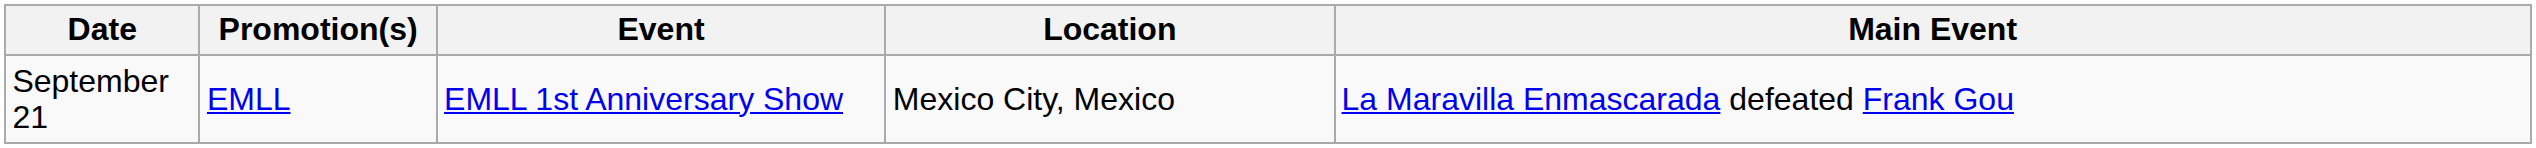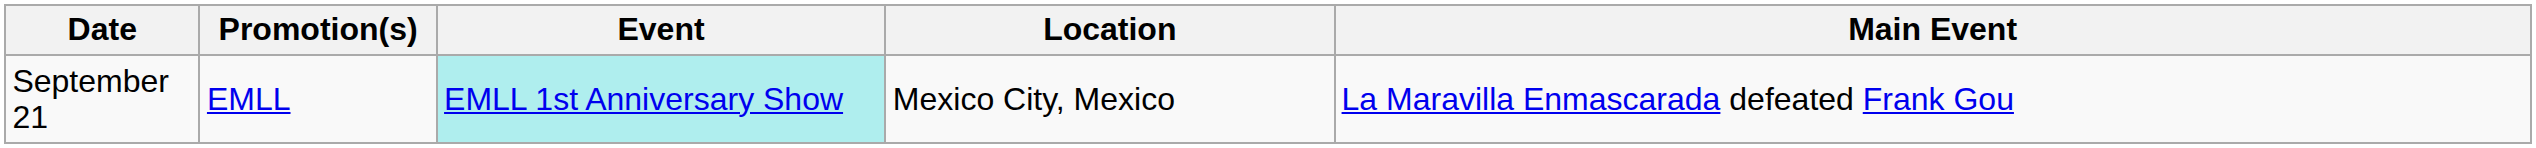 <table class="wikitable" style="width:100%;">
 <tr>
 <th width=5%>Date</th>
 <th width=5%>Promotion(s)</th>
 <th style="width:15%;">Event</th>
 <th style="width:15%;">Location</th>
 <th style="width:40%;">Main Event</th>
 </tr>
 <tr style="width:20%;"| Notes>
 </tr>
 <tr>
 <td>September 21</td>
 <td><a href='#'>EMLL</a></td>
-<td><a href='#'>EMLL 1st Anniversary Show</a></td>
+<td style="background: paleturquoise;"><a href='#'>EMLL 1st Anniversary Show</a></td>
 <td>Mexico City, Mexico</td>
 <td><a href='#'>La Maravilla Enmascarada</a> defeated <a href='#'>Frank Gou</a></td>
 </tr>
 </table>
